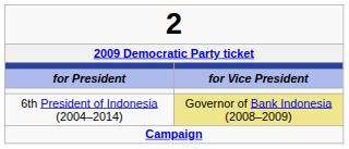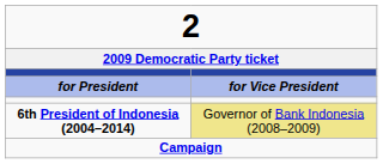 <table class="wikitable" style="font-size:90%; text-align:center">
 <tr>
 <td colspan=2 style="text-align:center;"><big><big><big><big><big><strong>2</strong></big></big></big></big></big></td>
 </tr>
 <tr>
 <td colspan=2 style="background:#f1f1f1;"><strong><a href='#'>2009 Democratic Party ticket</a></strong></td>
 </tr>
 <tr>
 <th style="font-size:135%; background:#2643A3;"><a href='#'></a></th>
 <th style="font-size:135%; background:#2643A3;"><a href='#'></a></th>
 </tr>
 <tr style="color:#000; font-size:100%;">
 <td style="width:3em; width:200px; background:#ACBBEC;"><strong><em>for President</em></strong></td>
 <td style="width:3em; width:200px; background:#ACBBEC;"><strong><em>for Vice President</em></strong></td>
 </tr>
 <tr>
 <td></td>
 <td></td>
 </tr>
 <tr>
-<td>6th <a href='#'>President of Indonesia</a> (2004–2014)</td>
+<td><strong>6th <a href='#'>President of Indonesia</a> (2004–2014)</strong></td>
 <td style="background: khaki;">Governor of <a href='#'>Bank Indonesia</a> (2008–2009)</td>
 </tr>
 <tr>
 <td colspan=2><strong><a href='#'>Campaign</a></strong></td>
 </tr>
 </table>
